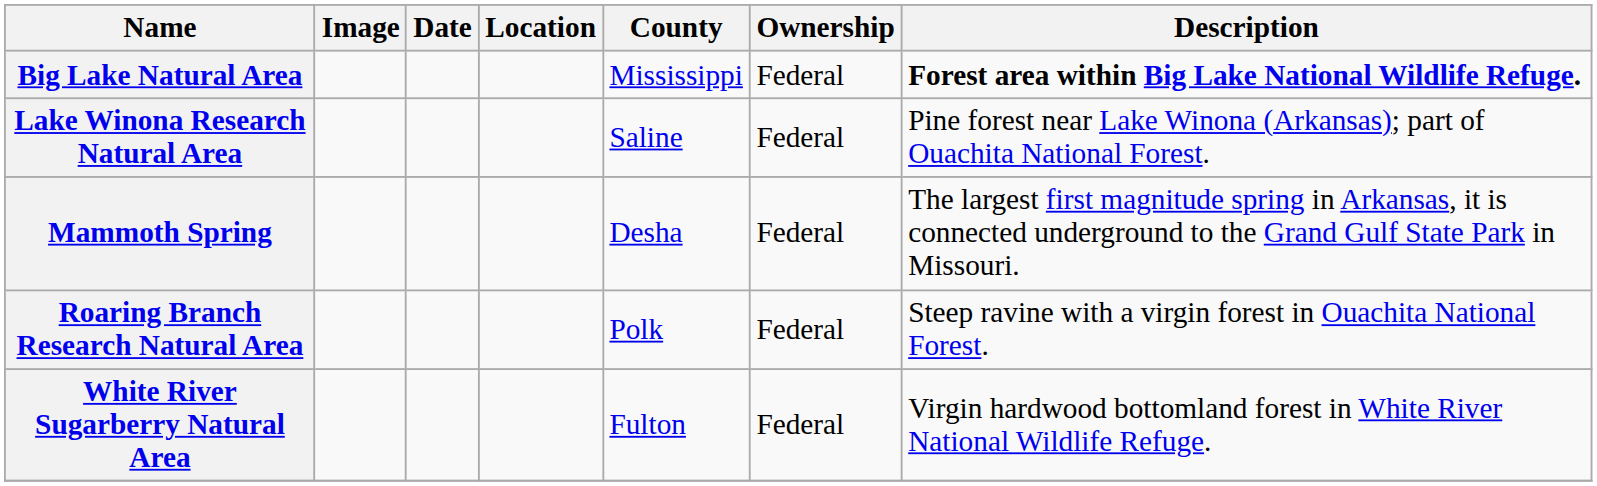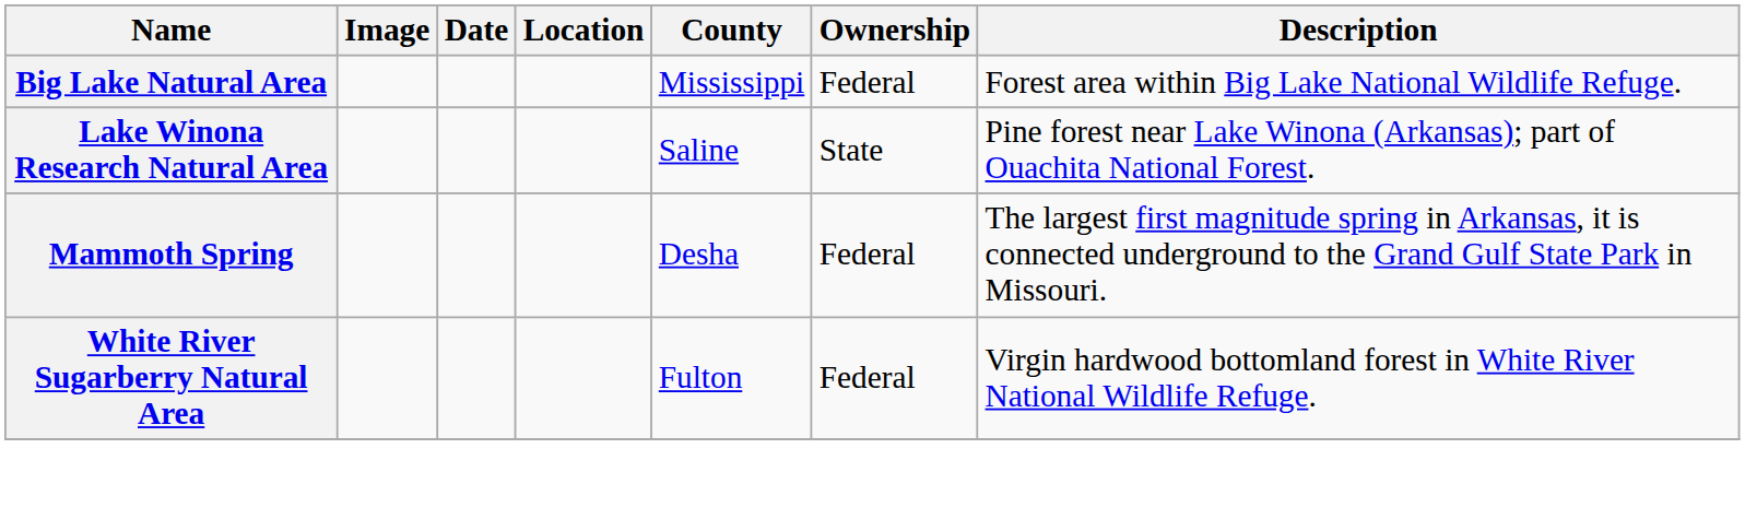 <table class="wikitable sortable" align="center">
 <tr>
 <th style="background-color:">Name</th>
 <th style="background-color:">Image</th>
 <th style="background-color:">Date</th>
 <th style="background-color:">Location</th>
 <th style="background-color:">County</th>
 <th style="background-color:">Ownership</th>
 <th style="background-color:">Description</th>
 </tr>
 <tr>
 <th><a href='#'>Big Lake Natural Area</a></th>
 <td></td>
 <td></td>
 <td><small></small></td>
 <td><a href='#'>Mississippi</a></td>
 <td>Federal</td>
-<td><strong>Forest area within <a href='#'>Big Lake National Wildlife Refuge</a>.</strong></td>
+<td>Forest area within <a href='#'>Big Lake National Wildlife Refuge</a>.</td>
 </tr>
 <tr>
 <th><a href='#'>Lake Winona Research Natural Area</a></th>
 <td></td>
 <td></td>
 <td><small></small></td>
 <td><a href='#'>Saline</a></td>
-<td>Federal</td>
+<td>State</td>
 <td>Pine forest near <a href='#'>Lake Winona (Arkansas)</a>; part of <a href='#'>Ouachita National Forest</a>.</td>
 </tr>
 <tr>
 <th><a href='#'>Mammoth Spring</a></th>
 <td></td>
 <td></td>
 <td><small></small></td>
 <td><a href='#'>Desha</a></td>
 <td>Federal</td>
 <td>The largest <a href='#'>first magnitude spring</a> in <a href='#'>Arkansas</a>, it is connected underground to the <a href='#'>Grand Gulf State Park</a> in Missouri.</td>
-</tr>
-<tr>
-<th><a href='#'>Roaring Branch Research Natural Area</a></th>
-<td></td>
-<td></td>
-<td><small></small></td>
-<td><a href='#'>Polk</a></td>
-<td>Federal</td>
-<td>Steep ravine with a virgin forest in <a href='#'>Ouachita National Forest</a>.</td>
 </tr>
 <tr>
 <th><a href='#'>White River Sugarberry Natural Area</a></th>
 <td></td>
 <td></td>
 <td><small></small></td>
 <td><a href='#'>Fulton</a></td>
 <td>Federal</td>
 <td>Virgin hardwood bottomland forest in <a href='#'>White River National Wildlife Refuge</a>.</td>
 </tr>
 <tr>
 </tr>
 </table>
